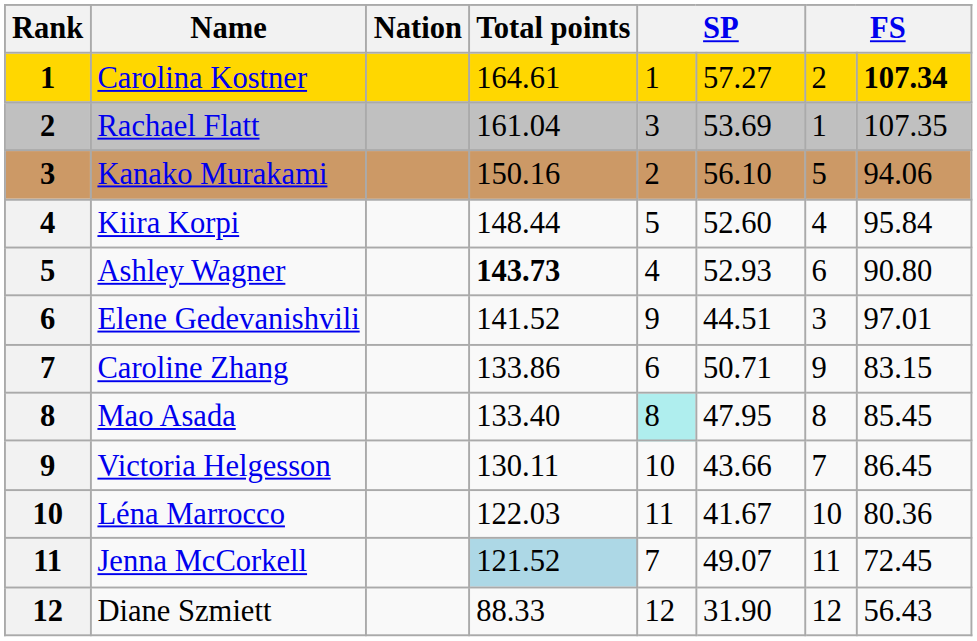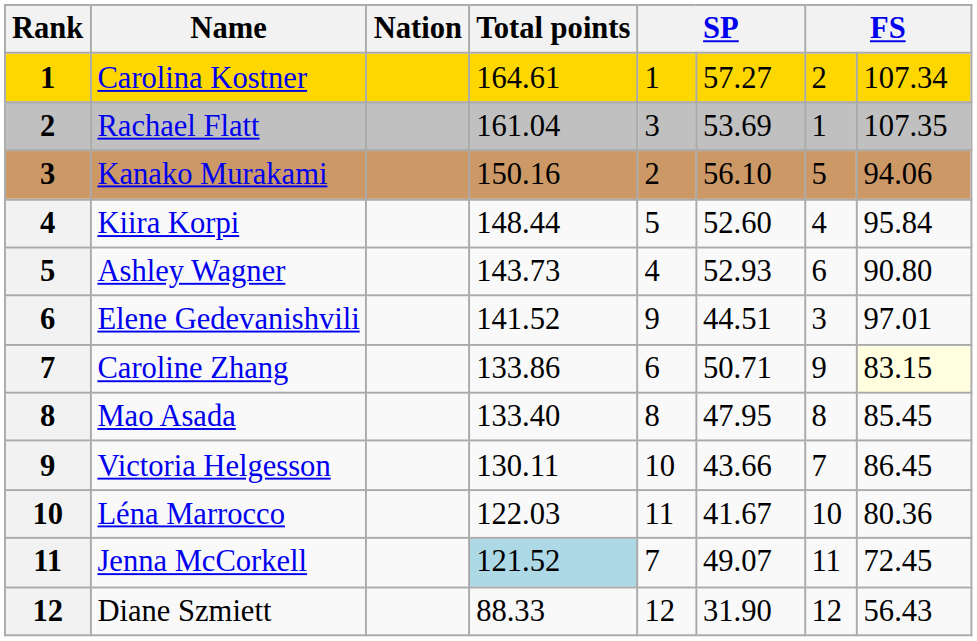 <table class="wikitable sortable">
 <tr>
 <th>Rank</th>
 <th>Name</th>
 <th>Nation</th>
 <th>Total points</th>
 <th colspan="2" width="80px"><a href='#'>SP</a></th>
 <th colspan="2" width="80px"><a href='#'>FS</a></th>
 </tr>
 <tr bgcolor="gold">
 <td align="center"><strong>1</strong></td>
 <td><a href='#'>Carolina Kostner</a></td>
 <td></td>
 <td>164.61</td>
 <td>1</td>
 <td>57.27</td>
 <td>2</td>
-<td><strong>107.34</strong></td>
+<td>107.34</td>
 </tr>
 <tr bgcolor="silver">
 <td align="center"><strong>2</strong></td>
 <td><a href='#'>Rachael Flatt</a></td>
 <td></td>
 <td>161.04</td>
 <td>3</td>
 <td>53.69</td>
 <td>1</td>
 <td>107.35</td>
 </tr>
 <tr bgcolor="cc9966">
 <td align="center"><strong>3</strong></td>
 <td><a href='#'>Kanako Murakami</a></td>
 <td></td>
 <td>150.16</td>
 <td>2</td>
 <td>56.10</td>
 <td>5</td>
 <td>94.06</td>
 </tr>
 <tr>
 <th>4</th>
 <td><a href='#'>Kiira Korpi</a></td>
 <td></td>
 <td>148.44</td>
 <td>5</td>
 <td>52.60</td>
 <td>4</td>
 <td>95.84</td>
 </tr>
 <tr>
 <th>5</th>
 <td><a href='#'>Ashley Wagner</a></td>
 <td></td>
-<td><strong>143.73</strong></td>
+<td>143.73</td>
 <td>4</td>
 <td>52.93</td>
 <td>6</td>
 <td>90.80</td>
 </tr>
 <tr>
 <th>6</th>
 <td><a href='#'>Elene Gedevanishvili</a></td>
 <td></td>
 <td>141.52</td>
 <td>9</td>
 <td>44.51</td>
 <td>3</td>
 <td>97.01</td>
 </tr>
 <tr>
 <th>7</th>
 <td><a href='#'>Caroline Zhang</a></td>
 <td></td>
 <td>133.86</td>
 <td>6</td>
 <td>50.71</td>
 <td>9</td>
-<td>83.15</td>
+<td style="background: lightyellow;">83.15</td>
 </tr>
 <tr>
 <th>8</th>
 <td><a href='#'>Mao Asada</a></td>
 <td></td>
 <td>133.40</td>
-<td style="background: paleturquoise;">8</td>
+<td>8</td>
 <td>47.95</td>
 <td>8</td>
 <td>85.45</td>
 </tr>
 <tr>
 <th>9</th>
 <td><a href='#'>Victoria Helgesson</a></td>
 <td></td>
 <td>130.11</td>
 <td>10</td>
 <td>43.66</td>
 <td>7</td>
 <td>86.45</td>
 </tr>
 <tr>
 <th>10</th>
 <td><a href='#'>Léna Marrocco</a></td>
 <td></td>
 <td>122.03</td>
 <td>11</td>
 <td>41.67</td>
 <td>10</td>
 <td>80.36</td>
 </tr>
 <tr>
 <th>11</th>
 <td><a href='#'>Jenna McCorkell</a></td>
 <td></td>
 <td style="background: lightblue;">121.52</td>
 <td>7</td>
 <td>49.07</td>
 <td>11</td>
 <td>72.45</td>
 </tr>
 <tr>
 <th>12</th>
 <td>Diane Szmiett</td>
 <td></td>
 <td>88.33</td>
 <td>12</td>
 <td>31.90</td>
 <td>12</td>
 <td>56.43</td>
 </tr>
 </table>
